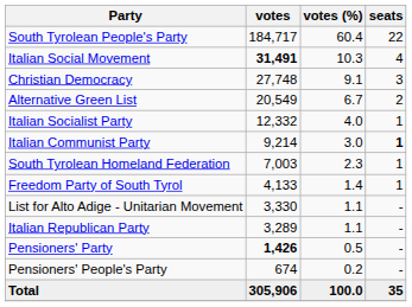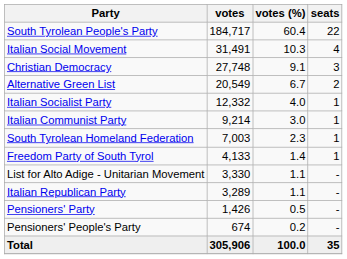 <table class="wikitable" style="font-size:95%; text-align:right;">
 <tr bgcolor="EFEFEF">
 <th>Party</th>
 <th>votes</th>
 <th>votes (%)</th>
 <th>seats</th>
 </tr>
 <tr>
 <td align=left><a href='#'>South Tyrolean People's Party</a></td>
 <td>184,717</td>
 <td>60.4</td>
 <td>22</td>
 </tr>
 <tr>
 <td align=left><a href='#'>Italian Social Movement</a></td>
-<td><strong>31,491</strong></td>
+<td>31,491</td>
 <td>10.3</td>
 <td>4</td>
 </tr>
 <tr>
 <td align=left><a href='#'>Christian Democracy</a></td>
 <td>27,748</td>
 <td>9.1</td>
 <td>3</td>
 </tr>
 <tr>
 <td align=left><a href='#'>Alternative Green List</a></td>
 <td>20,549</td>
 <td>6.7</td>
 <td>2</td>
 </tr>
 <tr>
 <td align=left><a href='#'>Italian Socialist Party</a></td>
 <td>12,332</td>
 <td>4.0</td>
 <td>1</td>
 </tr>
 <tr>
 <td align=left><a href='#'>Italian Communist Party</a></td>
 <td>9,214</td>
 <td>3.0</td>
-<td><strong>1</strong></td>
+<td>1</td>
 </tr>
 <tr>
 <td align=left><a href='#'>South Tyrolean Homeland Federation</a></td>
 <td>7,003</td>
 <td>2.3</td>
 <td>1</td>
 </tr>
 <tr>
 <td align=left><a href='#'>Freedom Party of South Tyrol</a></td>
 <td>4,133</td>
 <td>1.4</td>
 <td>1</td>
 </tr>
 <tr>
 <td align=left>List for Alto Adige - Unitarian Movement</td>
 <td>3,330</td>
 <td>1.1</td>
 <td>-</td>
 </tr>
 <tr>
 <td align=left><a href='#'>Italian Republican Party</a></td>
 <td>3,289</td>
 <td>1.1</td>
 <td>-</td>
 </tr>
 <tr>
 <td align=left><a href='#'>Pensioners' Party</a></td>
-<td><strong>1,426</strong></td>
+<td>1,426</td>
 <td>0.5</td>
 <td>-</td>
 </tr>
 <tr>
 <td align=left>Pensioners' People's Party</td>
 <td>674</td>
 <td>0.2</td>
 <td>-</td>
 </tr>
 <tr bgcolor="EFEFEF">
 <td align=left><strong>Total</strong></td>
 <td><strong>305,906</strong></td>
 <td><strong>100.0</strong></td>
 <td><strong>35</strong></td>
 </tr>
 <tr>
 </tr>
 </table>
